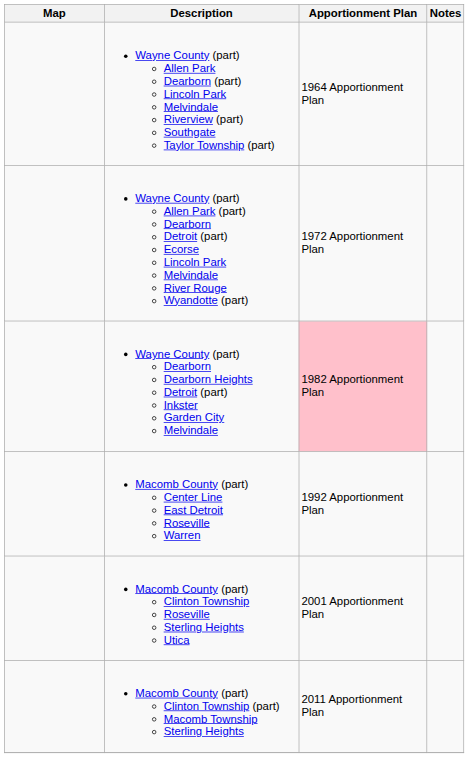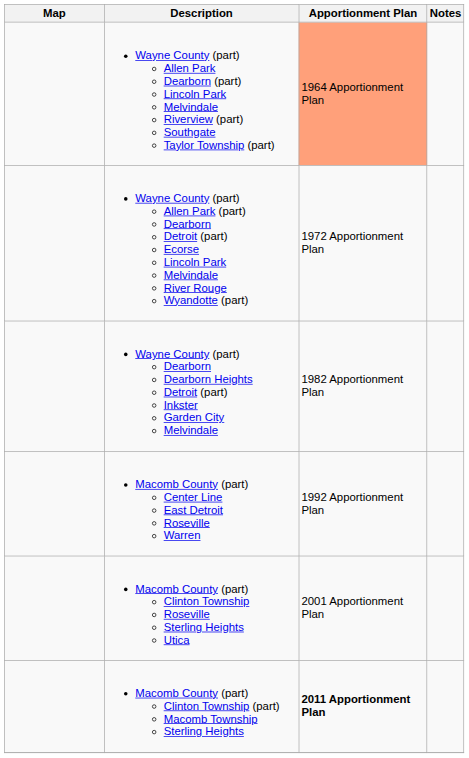 <table class="wikitable sortable">
 <tr>
 <th style="width:100pt;">Map</th>
 <th style="width:200pt;">Description</th>
 <th style="width:130pt;">Apportionment Plan</th>
 <th style="width:15pt;">Notes</th>
 </tr>
 <tr>
 <td></td>
 <td><br><ul><li><a href='#'>Wayne County</a> (part)<ul><li><a href='#'>Allen Park</a></li><li><a href='#'>Dearborn</a> (part)</li><li><a href='#'>Lincoln Park</a></li><li><a href='#'>Melvindale</a></li><li><a href='#'>Riverview</a> (part)</li><li><a href='#'>Southgate</a></li><li><a href='#'>Taylor Township</a> (part)</li></ul></li></ul></td>
-<td>1964 Apportionment Plan</td>
+<td style="background: lightsalmon;">1964 Apportionment Plan</td>
 <td></td>
 </tr>
 <tr>
 <td></td>
 <td><br><ul><li><a href='#'>Wayne County</a> (part)<ul><li><a href='#'>Allen Park</a> (part)</li><li><a href='#'>Dearborn</a></li><li><a href='#'>Detroit</a> (part)</li><li><a href='#'>Ecorse</a></li><li><a href='#'>Lincoln Park</a></li><li><a href='#'>Melvindale</a></li><li><a href='#'>River Rouge</a></li><li><a href='#'>Wyandotte</a> (part)</li></ul></li></ul></td>
 <td>1972 Apportionment Plan</td>
 <td></td>
 </tr>
 <tr>
 <td></td>
 <td><br><ul><li><a href='#'>Wayne County</a> (part)<ul><li><a href='#'>Dearborn</a></li><li><a href='#'>Dearborn Heights</a></li><li><a href='#'>Detroit</a> (part)</li><li><a href='#'>Inkster</a></li><li><a href='#'>Garden City</a></li><li><a href='#'>Melvindale</a></li></ul></li></ul></td>
-<td style="background: pink;">1982 Apportionment Plan</td>
+<td>1982 Apportionment Plan</td>
 <td></td>
 </tr>
 <tr>
 <td></td>
 <td><br><ul><li><a href='#'>Macomb County</a> (part)<ul><li><a href='#'>Center Line</a></li><li><a href='#'>East Detroit</a></li><li><a href='#'>Roseville</a></li><li><a href='#'>Warren</a></li></ul></li></ul></td>
 <td>1992 Apportionment Plan</td>
 <td></td>
 </tr>
 <tr>
 <td></td>
 <td><br><ul><li><a href='#'>Macomb County</a> (part)<ul><li><a href='#'>Clinton Township</a></li><li><a href='#'>Roseville</a></li><li><a href='#'>Sterling Heights</a></li><li><a href='#'>Utica</a></li></ul></li></ul></td>
 <td>2001 Apportionment Plan</td>
 <td></td>
 </tr>
 <tr>
 <td></td>
 <td><br><ul><li><a href='#'>Macomb County</a> (part)<ul><li><a href='#'>Clinton Township</a> (part)</li><li><a href='#'>Macomb Township</a></li><li><a href='#'>Sterling Heights</a></li></ul></li></ul></td>
-<td>2011 Apportionment Plan</td>
+<td><strong>2011 Apportionment Plan</strong></td>
 <td></td>
 </tr>
 <tr>
 </tr>
 </table>
